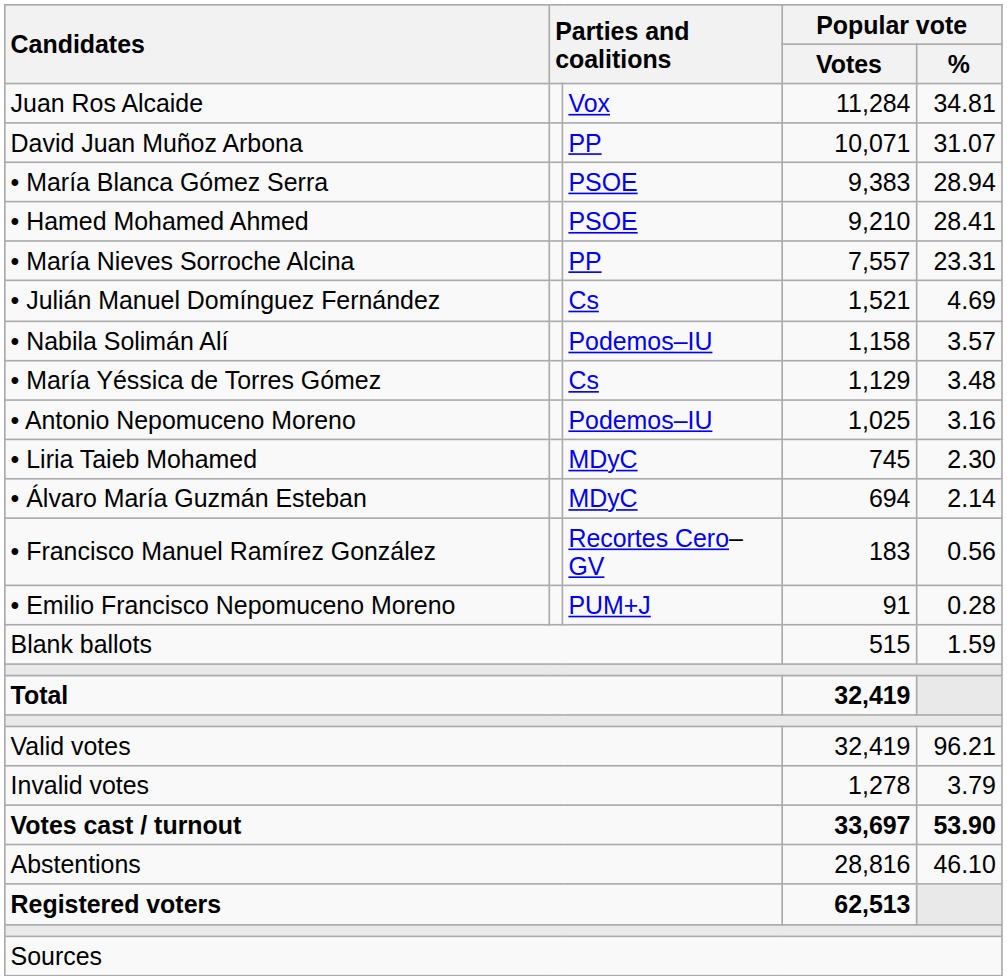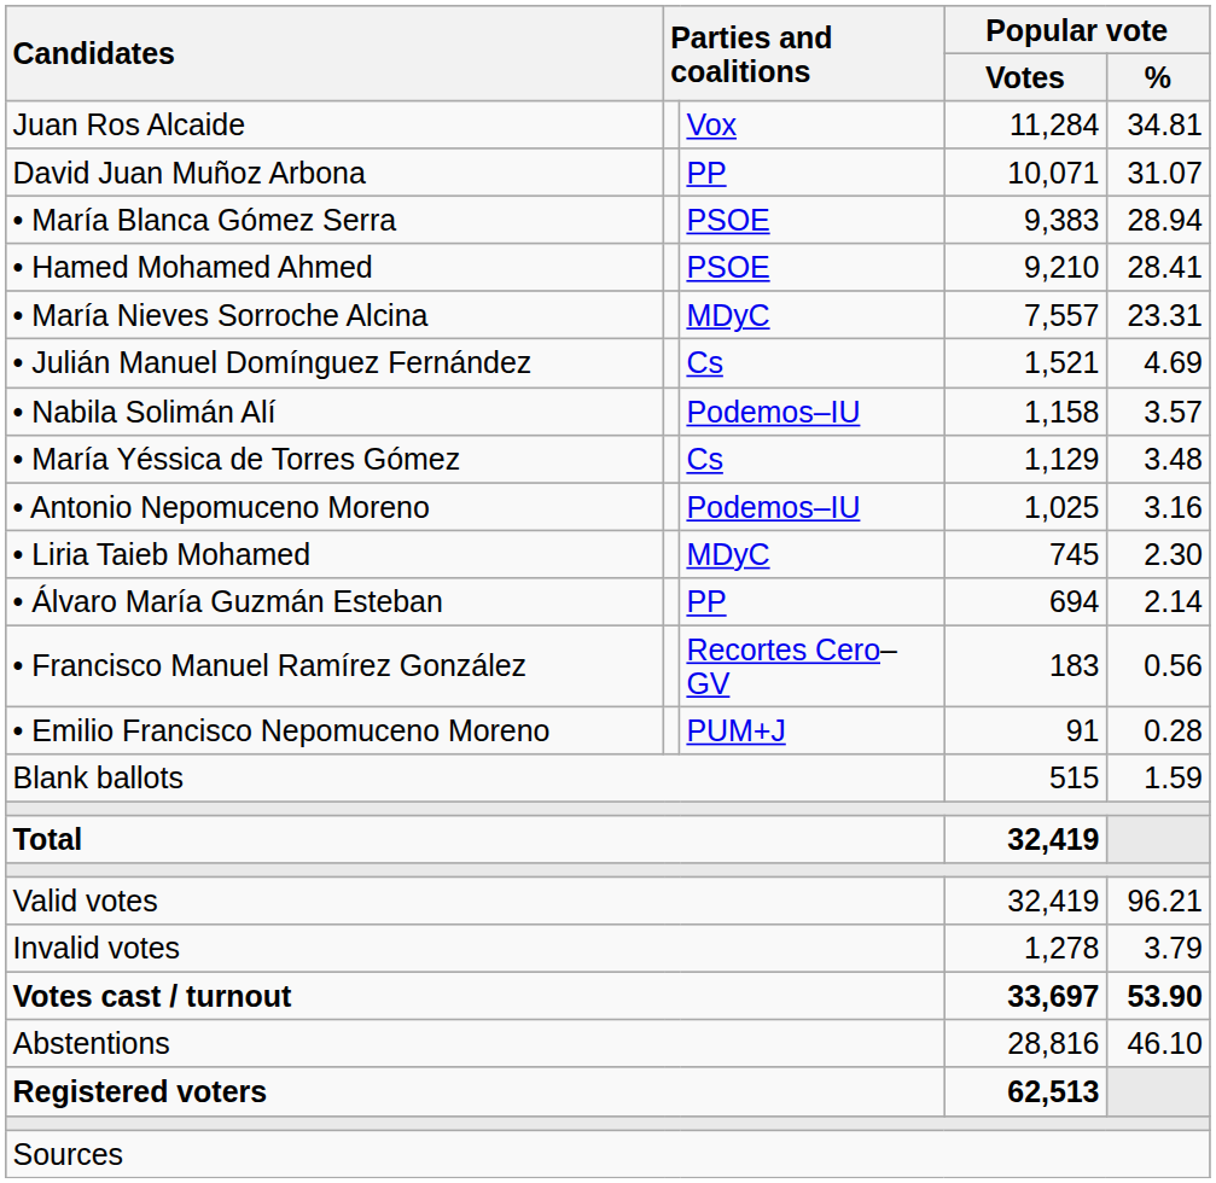 <table class="wikitable" style="text-align:right; font-size:95%;">
 <tr>
 <th style="text-align:left;" rowspan="2" width="325">Candidates</th>
 <th style="text-align:left;" rowspan="2" colspan="2" width="175">Parties and coalitions</th>
 <th colspan="2">Popular vote</th>
 </tr>
 <tr>
 <th width="75">Votes</th>
 <th width="45">%</th>
 </tr>
 <tr>
 <td align="left"> Juan Ros Alcaide</td>
 <td width="1" style="color:inherit;background:"></td>
 <td align="left"><a href='#'>Vox</a></td>
 <td>11,284</td>
 <td>34.81</td>
 </tr>
 <tr>
 <td align="left"> David Juan Muñoz Arbona</td>
 <td style="color:inherit;background:"></td>
 <td align="left"><a href='#'>PP</a></td>
 <td>10,071</td>
 <td>31.07</td>
 </tr>
 <tr>
 <td align="left">• María Blanca Gómez Serra</td>
 <td style="color:inherit;background:"></td>
 <td align="left"><a href='#'>PSOE</a></td>
 <td>9,383</td>
 <td>28.94</td>
 </tr>
 <tr>
 <td align="left">• Hamed Mohamed Ahmed</td>
 <td style="color:inherit;background:"></td>
 <td align="left"><a href='#'>PSOE</a></td>
 <td>9,210</td>
 <td>28.41</td>
 </tr>
 <tr>
 <td align="left">• María Nieves Sorroche Alcina</td>
 <td style="color:inherit;background:"></td>
-<td align="left"><a href='#'>PP</a></td>
+<td align="left"><a href='#'>MDyC</a></td>
 <td>7,557</td>
 <td>23.31</td>
 </tr>
 <tr>
 <td align="left">• Julián Manuel Domínguez Fernández</td>
 <td style="color:inherit;background:"></td>
 <td align="left"><a href='#'>Cs</a></td>
 <td>1,521</td>
 <td>4.69</td>
 </tr>
 <tr>
 <td align="left">• Nabila Solimán Alí</td>
 <td style="color:inherit;background:"></td>
 <td align="left"><a href='#'>Podemos–IU</a></td>
 <td>1,158</td>
 <td>3.57</td>
 </tr>
 <tr>
 <td align="left">• María Yéssica de Torres Gómez</td>
 <td style="color:inherit;background:"></td>
 <td align="left"><a href='#'>Cs</a></td>
 <td>1,129</td>
 <td>3.48</td>
 </tr>
 <tr>
 <td align="left">• Antonio Nepomuceno Moreno</td>
 <td style="color:inherit;background:"></td>
 <td align="left"><a href='#'>Podemos–IU</a></td>
 <td>1,025</td>
 <td>3.16</td>
 </tr>
 <tr>
 <td align="left">• Liria Taieb Mohamed</td>
 <td style="color:inherit;background:"></td>
 <td align="left"><a href='#'>MDyC</a></td>
 <td>745</td>
 <td>2.30</td>
 </tr>
 <tr>
 <td align="left">• Álvaro María Guzmán Esteban</td>
 <td style="color:inherit;background:"></td>
-<td align="left"><a href='#'>MDyC</a></td>
+<td align="left"><a href='#'>PP</a></td>
 <td>694</td>
 <td>2.14</td>
 </tr>
 <tr>
 <td align="left">• Francisco Manuel Ramírez González</td>
 <td style="color:inherit;background:"></td>
 <td align="left"><a href='#'>Recortes Cero</a>–<a href='#'>GV</a></td>
 <td>183</td>
 <td>0.56</td>
 </tr>
 <tr>
 <td align="left">• Emilio Francisco Nepomuceno Moreno</td>
 <td style="color:inherit;background:"></td>
 <td align="left"><a href='#'>PUM+J</a></td>
 <td>91</td>
 <td>0.28</td>
 </tr>
 <tr>
 <td align="left" colspan="3">Blank ballots</td>
 <td>515</td>
 <td>1.59</td>
 </tr>
 <tr>
 <td colspan="5" bgcolor="#E9E9E9"></td>
 </tr>
 <tr style="font-weight:bold;">
 <td align="left" colspan="3">Total</td>
 <td>32,419</td>
 <td bgcolor="#E9E9E9"></td>
 </tr>
 <tr>
 <td colspan="5" bgcolor="#E9E9E9"></td>
 </tr>
 <tr>
 <td align="left" colspan="3">Valid votes</td>
 <td>32,419</td>
 <td>96.21</td>
 </tr>
 <tr>
 <td align="left" colspan="3">Invalid votes</td>
 <td>1,278</td>
 <td>3.79</td>
 </tr>
 <tr style="font-weight:bold;">
 <td align="left" colspan="3">Votes cast / turnout</td>
 <td>33,697</td>
 <td>53.90</td>
 </tr>
 <tr>
 <td align="left" colspan="3">Abstentions</td>
 <td>28,816</td>
 <td>46.10</td>
 </tr>
 <tr style="font-weight:bold;">
 <td align="left" colspan="3">Registered voters</td>
 <td>62,513</td>
 <td bgcolor="#E9E9E9"></td>
 </tr>
 <tr>
 <td colspan="5" bgcolor="#E9E9E9"></td>
 </tr>
 <tr>
 <td align="left" colspan="5">Sources</td>
 </tr>
 </table>
